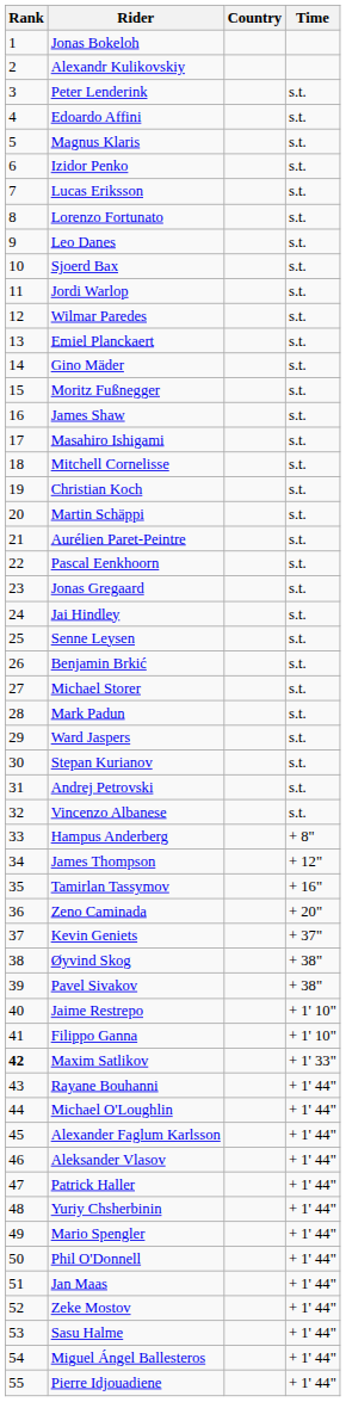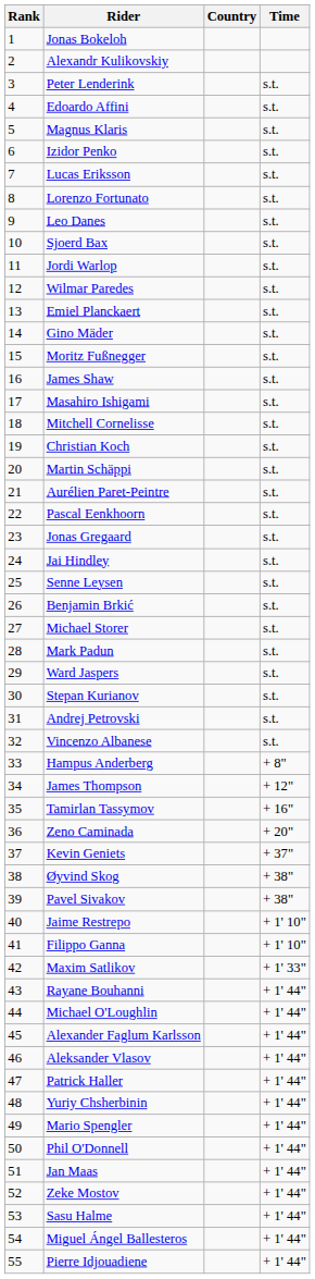 <table class="wikitable" style="font-size:95%; text-align:left;">
 <tr>
 <th>Rank</th>
 <th>Rider</th>
 <th>Country</th>
 <th>Time</th>
 </tr>
 <tr>
 <td>1</td>
 <td><a href='#'>Jonas Bokeloh</a></td>
 <td></td>
 <td></td>
 </tr>
 <tr>
 <td>2</td>
 <td><a href='#'>Alexandr Kulikovskiy</a></td>
 <td></td>
 <td></td>
 </tr>
 <tr>
 <td>3</td>
 <td><a href='#'>Peter Lenderink</a></td>
 <td></td>
 <td>s.t.</td>
 </tr>
 <tr>
 <td>4</td>
 <td><a href='#'>Edoardo Affini</a></td>
 <td></td>
 <td>s.t.</td>
 </tr>
 <tr>
 <td>5</td>
 <td><a href='#'>Magnus Klaris</a></td>
 <td></td>
 <td>s.t.</td>
 </tr>
 <tr>
 <td>6</td>
 <td><a href='#'>Izidor Penko</a></td>
 <td></td>
 <td>s.t.</td>
 </tr>
 <tr>
 <td>7</td>
 <td><a href='#'>Lucas Eriksson</a></td>
 <td></td>
 <td>s.t.</td>
 </tr>
 <tr>
 <td>8</td>
 <td><a href='#'>Lorenzo Fortunato</a></td>
 <td></td>
 <td>s.t.</td>
 </tr>
 <tr>
 <td>9</td>
 <td><a href='#'>Leo Danes</a></td>
 <td></td>
 <td>s.t.</td>
 </tr>
 <tr>
 <td>10</td>
 <td><a href='#'>Sjoerd Bax</a></td>
 <td></td>
 <td>s.t.</td>
 </tr>
 <tr>
 <td>11</td>
 <td><a href='#'>Jordi Warlop</a></td>
 <td></td>
 <td>s.t.</td>
 </tr>
 <tr>
 <td>12</td>
 <td><a href='#'>Wilmar Paredes</a></td>
 <td></td>
 <td>s.t.</td>
 </tr>
 <tr>
 <td>13</td>
 <td><a href='#'>Emiel Planckaert</a></td>
 <td></td>
 <td>s.t.</td>
 </tr>
 <tr>
 <td>14</td>
 <td><a href='#'>Gino Mäder</a></td>
 <td></td>
 <td>s.t.</td>
 </tr>
 <tr>
 <td>15</td>
 <td><a href='#'>Moritz Fußnegger</a></td>
 <td></td>
 <td>s.t.</td>
 </tr>
 <tr>
 <td>16</td>
 <td><a href='#'>James Shaw</a></td>
 <td></td>
 <td>s.t.</td>
 </tr>
 <tr>
 <td>17</td>
 <td><a href='#'>Masahiro Ishigami</a></td>
 <td></td>
 <td>s.t.</td>
 </tr>
 <tr>
 <td>18</td>
 <td><a href='#'>Mitchell Cornelisse</a></td>
 <td></td>
 <td>s.t.</td>
 </tr>
 <tr>
 <td>19</td>
 <td><a href='#'>Christian Koch</a></td>
 <td></td>
 <td>s.t.</td>
 </tr>
 <tr>
 <td>20</td>
 <td><a href='#'>Martin Schäppi</a></td>
 <td></td>
 <td>s.t.</td>
 </tr>
 <tr>
 <td>21</td>
 <td><a href='#'>Aurélien Paret-Peintre</a></td>
 <td></td>
 <td>s.t.</td>
 </tr>
 <tr>
 <td>22</td>
 <td><a href='#'>Pascal Eenkhoorn</a></td>
 <td></td>
 <td>s.t.</td>
 </tr>
 <tr>
 <td>23</td>
 <td><a href='#'>Jonas Gregaard</a></td>
 <td></td>
 <td>s.t.</td>
 </tr>
 <tr>
 <td>24</td>
 <td><a href='#'>Jai Hindley</a></td>
 <td></td>
 <td>s.t.</td>
 </tr>
 <tr>
 <td>25</td>
 <td><a href='#'>Senne Leysen</a></td>
 <td></td>
 <td>s.t.</td>
 </tr>
 <tr>
 <td>26</td>
 <td><a href='#'>Benjamin Brkić</a></td>
 <td></td>
 <td>s.t.</td>
 </tr>
 <tr>
 <td>27</td>
 <td><a href='#'>Michael Storer</a></td>
 <td></td>
 <td>s.t.</td>
 </tr>
 <tr>
 <td>28</td>
 <td><a href='#'>Mark Padun</a></td>
 <td></td>
 <td>s.t.</td>
 </tr>
 <tr>
 <td>29</td>
 <td><a href='#'>Ward Jaspers</a></td>
 <td></td>
 <td>s.t.</td>
 </tr>
 <tr>
 <td>30</td>
 <td><a href='#'>Stepan Kurianov</a></td>
 <td></td>
 <td>s.t.</td>
 </tr>
 <tr>
 <td>31</td>
 <td><a href='#'>Andrej Petrovski</a></td>
 <td></td>
 <td>s.t.</td>
 </tr>
 <tr>
 <td>32</td>
 <td><a href='#'>Vincenzo Albanese</a></td>
 <td></td>
 <td>s.t.</td>
 </tr>
 <tr>
 <td>33</td>
 <td><a href='#'>Hampus Anderberg</a></td>
 <td></td>
 <td>+ 8"</td>
 </tr>
 <tr>
 <td>34</td>
 <td><a href='#'>James Thompson</a></td>
 <td></td>
 <td>+ 12"</td>
 </tr>
 <tr>
 <td>35</td>
 <td><a href='#'>Tamirlan Tassymov</a></td>
 <td></td>
 <td>+ 16"</td>
 </tr>
 <tr>
 <td>36</td>
 <td><a href='#'>Zeno Caminada</a></td>
 <td></td>
 <td>+ 20"</td>
 </tr>
 <tr>
 <td>37</td>
 <td><a href='#'>Kevin Geniets</a></td>
 <td></td>
 <td>+ 37"</td>
 </tr>
 <tr>
 <td>38</td>
 <td><a href='#'>Øyvind Skog</a></td>
 <td></td>
 <td>+ 38"</td>
 </tr>
 <tr>
 <td>39</td>
 <td><a href='#'>Pavel Sivakov</a></td>
 <td></td>
 <td>+ 38"</td>
 </tr>
 <tr>
 <td>40</td>
 <td><a href='#'>Jaime Restrepo</a></td>
 <td></td>
 <td>+ 1' 10"</td>
 </tr>
 <tr>
 <td>41</td>
 <td><a href='#'>Filippo Ganna</a></td>
 <td></td>
 <td>+ 1' 10"</td>
 </tr>
 <tr>
-<td><strong>42</strong></td>
+<td>42</td>
 <td><a href='#'>Maxim Satlikov</a></td>
 <td></td>
 <td>+ 1' 33"</td>
 </tr>
 <tr>
 <td>43</td>
 <td><a href='#'>Rayane Bouhanni</a></td>
 <td></td>
 <td>+ 1' 44"</td>
 </tr>
 <tr>
 <td>44</td>
 <td><a href='#'>Michael O'Loughlin</a></td>
 <td></td>
 <td>+ 1' 44"</td>
 </tr>
 <tr>
 <td>45</td>
 <td><a href='#'>Alexander Faglum Karlsson</a></td>
 <td></td>
 <td>+ 1' 44"</td>
 </tr>
 <tr>
 <td>46</td>
 <td><a href='#'>Aleksander Vlasov</a></td>
 <td></td>
 <td>+ 1' 44"</td>
 </tr>
 <tr>
 <td>47</td>
 <td><a href='#'>Patrick Haller</a></td>
 <td></td>
 <td>+ 1' 44"</td>
 </tr>
 <tr>
 <td>48</td>
 <td><a href='#'>Yuriy Chsherbinin</a></td>
 <td></td>
 <td>+ 1' 44"</td>
 </tr>
 <tr>
 <td>49</td>
 <td><a href='#'>Mario Spengler</a></td>
 <td></td>
 <td>+ 1' 44"</td>
 </tr>
 <tr>
 <td>50</td>
 <td><a href='#'>Phil O'Donnell</a></td>
 <td></td>
 <td>+ 1' 44"</td>
 </tr>
 <tr>
 <td>51</td>
 <td><a href='#'>Jan Maas</a></td>
 <td></td>
 <td>+ 1' 44"</td>
 </tr>
 <tr>
 <td>52</td>
 <td><a href='#'>Zeke Mostov</a></td>
 <td></td>
 <td>+ 1' 44"</td>
 </tr>
 <tr>
 <td>53</td>
 <td><a href='#'>Sasu Halme</a></td>
 <td></td>
 <td>+ 1' 44"</td>
 </tr>
 <tr>
 <td>54</td>
 <td><a href='#'>Miguel Ángel Ballesteros</a></td>
 <td></td>
 <td>+ 1' 44"</td>
 </tr>
 <tr>
 <td>55</td>
 <td><a href='#'>Pierre Idjouadiene</a></td>
 <td></td>
 <td>+ 1' 44"</td>
 </tr>
 </table>
